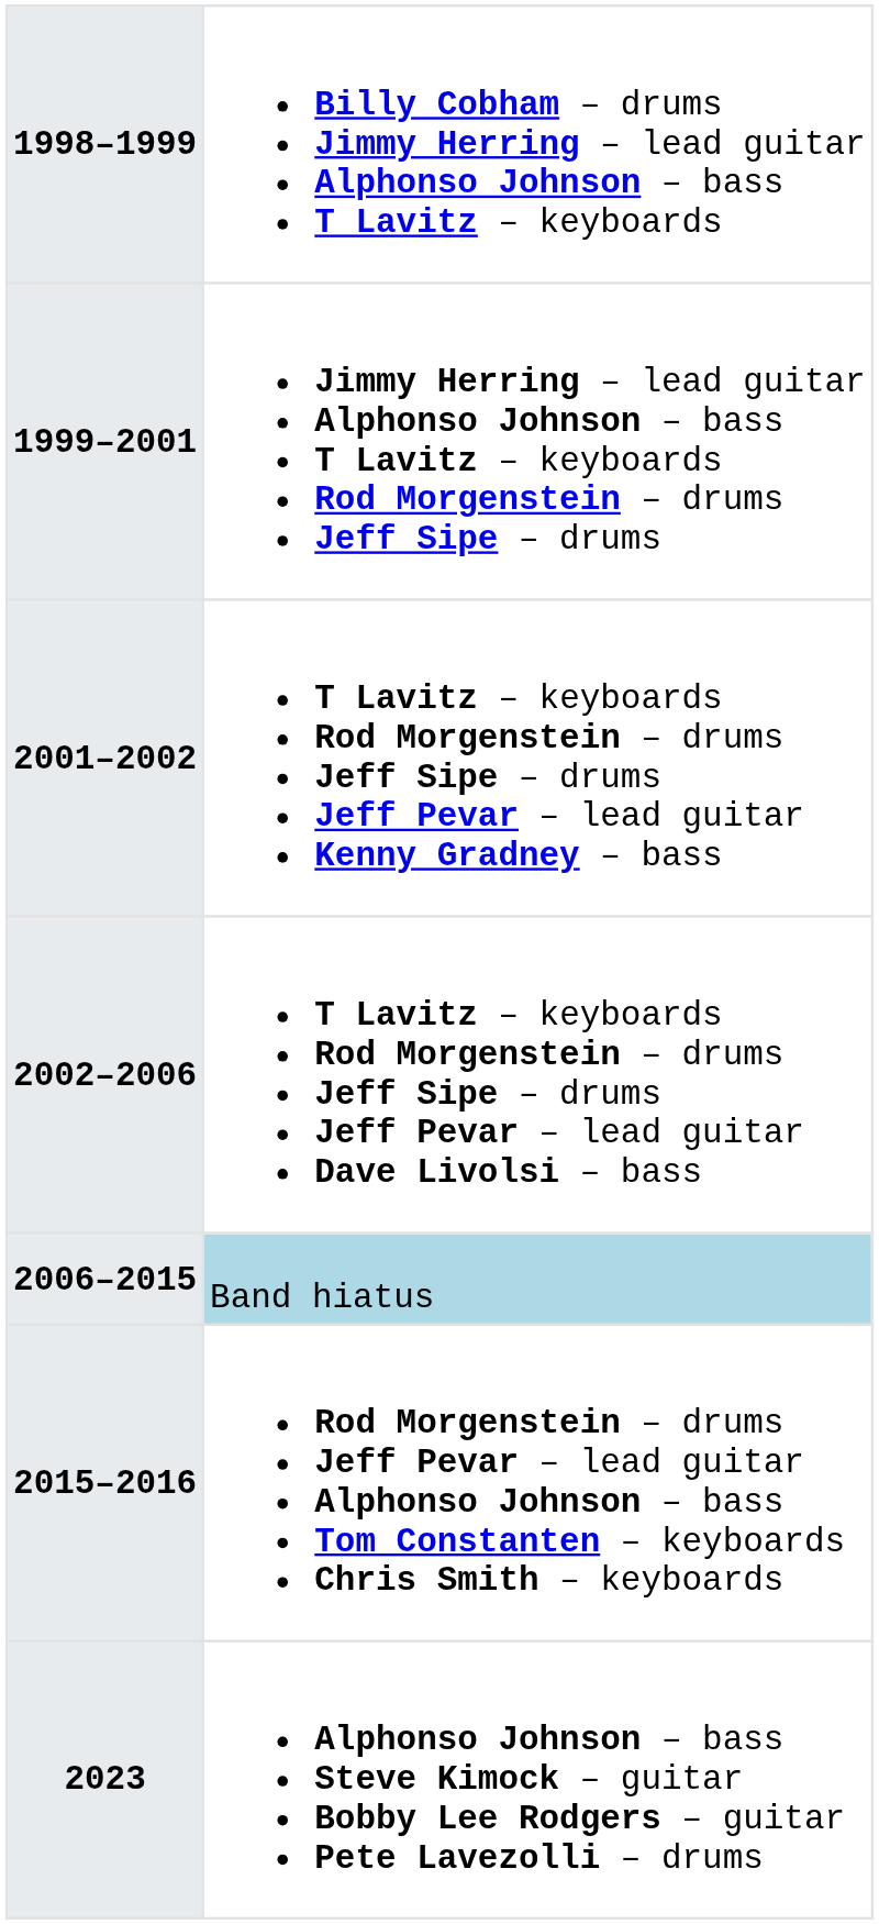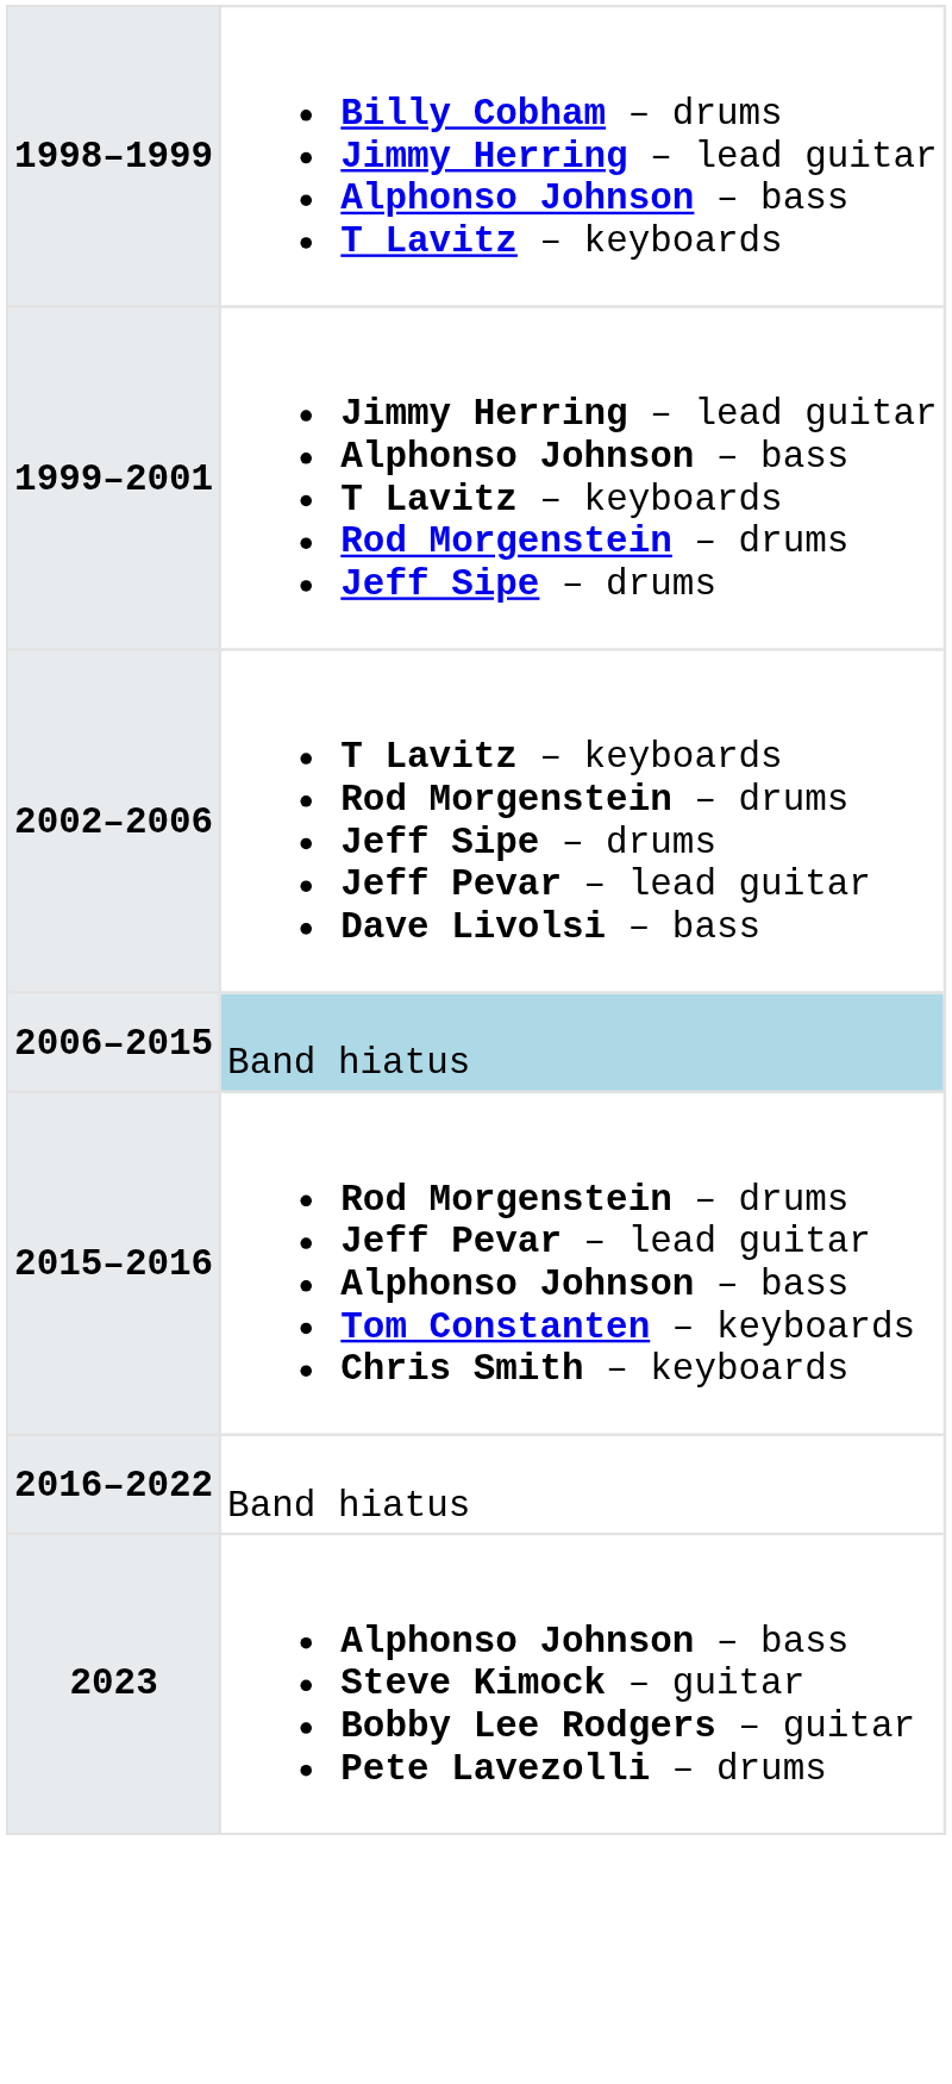 <table class="toccolours" border=1 cellpadding=2 cellspacing=0 style="float: width: 375px; margin: 0 0 1em 1em; border-collapse: collapse; border: 1px solid #E2E2E2">
 <tr>
 <th style="background:#e7ebee;">1998–1999</th>
 <td><br><ul><li><strong><a href='#'>Billy Cobham</a></strong> – drums</li><li><strong><a href='#'>Jimmy Herring</a></strong> – lead guitar</li><li><strong><a href='#'>Alphonso Johnson</a></strong> – bass</li><li><strong><a href='#'>T Lavitz</a></strong> – keyboards</li></ul></td>
 </tr>
 <tr>
 <th style="background:#e7ebee;">1999–2001</th>
 <td><br><ul><li><strong>Jimmy Herring</strong> – lead guitar</li><li><strong>Alphonso Johnson</strong> – bass</li><li><strong>T Lavitz</strong> – keyboards</li><li><strong><a href='#'>Rod Morgenstein</a></strong> – drums</li><li><strong><a href='#'>Jeff Sipe</a></strong> – drums</li></ul></td>
-</tr>
-<tr>
-<th style="background:#e7ebee;">2001–2002</th>
-<td><br><ul><li><strong>T Lavitz</strong> – keyboards</li><li><strong>Rod Morgenstein</strong> – drums</li><li><strong>Jeff Sipe</strong> – drums</li><li><strong><a href='#'>Jeff Pevar</a></strong> – lead guitar</li><li><strong><a href='#'>Kenny Gradney</a></strong> – bass</li></ul></td>
 </tr>
 <tr>
 <th style="background:#e7ebee;">2002–2006</th>
 <td><br><ul><li><strong>T Lavitz</strong> – keyboards</li><li><strong>Rod Morgenstein</strong> – drums</li><li><strong>Jeff Sipe</strong> – drums</li><li><strong>Jeff Pevar</strong> – lead guitar</li><li><strong>Dave Livolsi</strong> – bass</li></ul></td>
 </tr>
 <tr>
 <th style="background:#e7ebee;">2006–2015</th>
 <td style="background: lightblue;"><br>Band hiatus</td>
 </tr>
 <tr>
 <th style="background:#e7ebee;">2015–2016</th>
 <td><br><ul><li><strong>Rod Morgenstein</strong> – drums</li><li><strong>Jeff Pevar</strong> – lead guitar</li><li><strong>Alphonso Johnson</strong> – bass</li><li><strong><a href='#'>Tom Constanten</a></strong> – keyboards</li><li><strong>Chris Smith</strong> – keyboards</li></ul></td>
 </tr>
 <tr>
+<th style="background:#e7ebee;">2016–2022</th>
+<td><br>Band hiatus</td>
+</tr>
+<tr>
 <th style="background:#e7ebee;">2023</th>
 <td><br><ul><li><strong>Alphonso Johnson</strong> – bass</li><li><strong>Steve Kimock</strong> – guitar</li><li><strong>Bobby Lee Rodgers</strong> – guitar</li><li><strong>Pete Lavezolli</strong> – drums</li></ul></td>
 </tr>
 <tr>
 </tr>
 </table>
